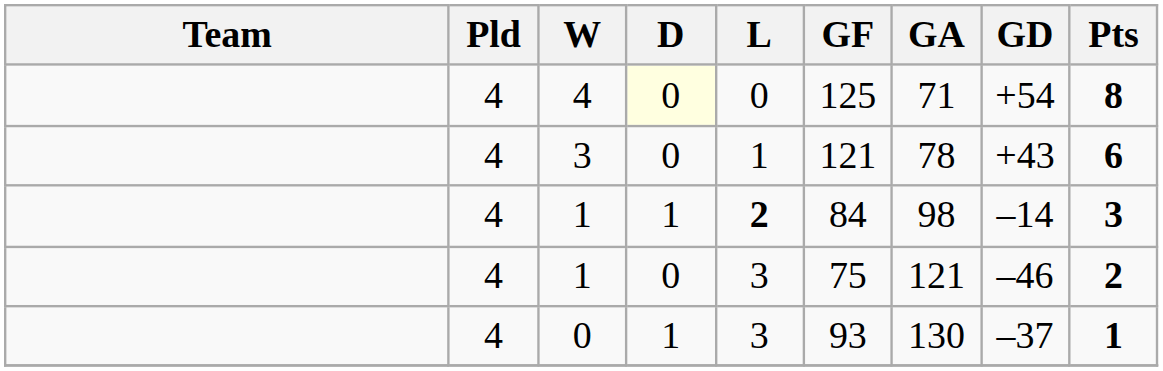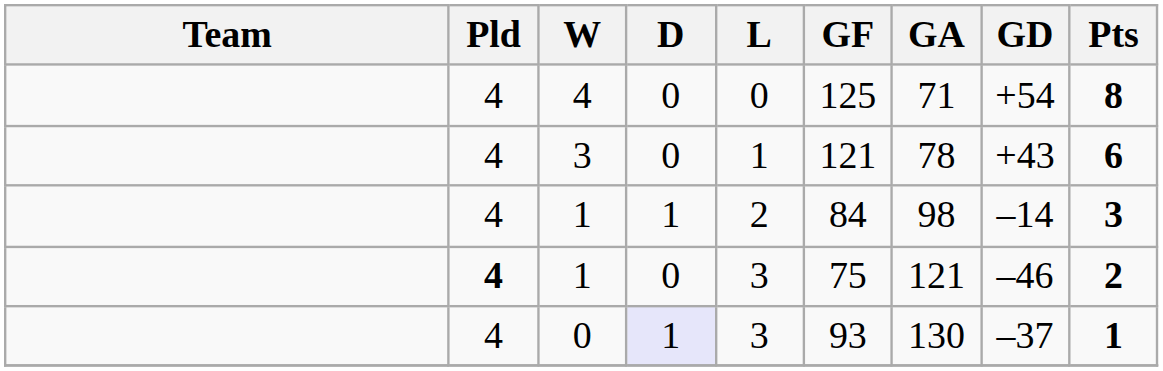 <table class="wikitable" style="text-align: center;">
 <tr>
 <th width="180">Team</th>
 <th width="30">Pld</th>
 <th width="30">W</th>
 <th width="30">D</th>
 <th width="30">L</th>
 <th width="30">GF</th>
 <th width="30">GA</th>
 <th width="30">GD</th>
 <th width="30">Pts</th>
 </tr>
 <tr>
 <td align="left"></td>
 <td>4</td>
 <td>4</td>
-<td style="background: lightyellow;">0</td>
+<td>0</td>
 <td>0</td>
 <td>125</td>
 <td>71</td>
 <td>+54</td>
 <td><strong>8</strong></td>
 </tr>
 <tr>
 <td align="left"></td>
 <td>4</td>
 <td>3</td>
 <td>0</td>
 <td>1</td>
 <td>121</td>
 <td>78</td>
 <td>+43</td>
 <td><strong>6</strong></td>
 </tr>
 <tr>
 <td align="left"></td>
 <td>4</td>
 <td>1</td>
 <td>1</td>
-<td><strong>2</strong></td>
+<td>2</td>
 <td>84</td>
 <td>98</td>
 <td>–14</td>
 <td><strong>3</strong></td>
 </tr>
 <tr>
 <td align="left"></td>
-<td>4</td>
+<td><strong>4</strong></td>
 <td>1</td>
 <td>0</td>
 <td>3</td>
 <td>75</td>
 <td>121</td>
 <td>–46</td>
 <td><strong>2</strong></td>
 </tr>
 <tr>
 <td align="left"></td>
 <td>4</td>
 <td>0</td>
-<td>1</td>
+<td style="background: lavender;">1</td>
 <td>3</td>
 <td>93</td>
 <td>130</td>
 <td>–37</td>
 <td><strong>1</strong></td>
 </tr>
 <tr>
 </tr>
 </table>
